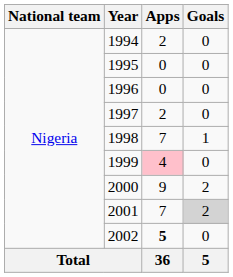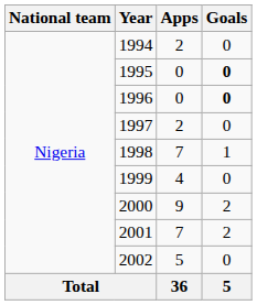 <table class="wikitable" style="text-align:center">
 <tr>
 <th>National team</th>
 <th>Year</th>
 <th>Apps</th>
 <th>Goals</th>
 </tr>
 <tr>
 <td rowspan="9"><a href='#'>Nigeria</a></td>
 <td>1994</td>
 <td>2</td>
 <td>0</td>
 </tr>
 <tr>
 <td>1995</td>
 <td>0</td>
-<td>0</td>
+<td><strong>0</strong></td>
 </tr>
 <tr>
 <td>1996</td>
 <td>0</td>
-<td>0</td>
+<td><strong>0</strong></td>
 </tr>
 <tr>
 <td>1997</td>
 <td>2</td>
 <td>0</td>
 </tr>
 <tr>
 <td>1998</td>
 <td>7</td>
 <td>1</td>
 </tr>
 <tr>
 <td>1999</td>
-<td style="background: pink;">4</td>
+<td>4</td>
 <td>0</td>
 </tr>
 <tr>
 <td>2000</td>
 <td>9</td>
 <td>2</td>
 </tr>
 <tr>
 <td>2001</td>
 <td>7</td>
-<td style="background: lightgrey;">2</td>
+<td>2</td>
 </tr>
 <tr>
 <td>2002</td>
-<td><strong>5</strong></td>
+<td>5</td>
 <td>0</td>
 </tr>
 <tr>
 <th colspan="2">Total</th>
 <th>36</th>
 <th>5</th>
 </tr>
 </table>
